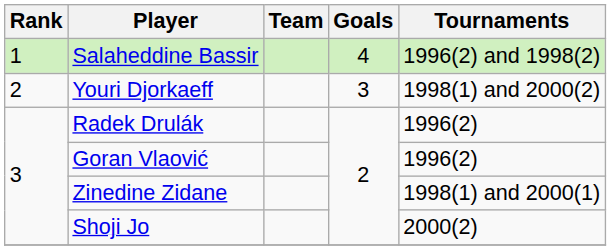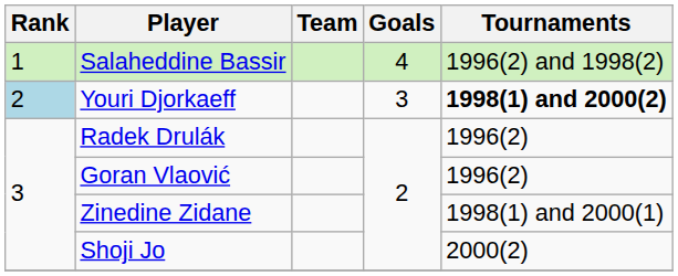 <table class="wikitable">
 <tr>
 <th>Rank</th>
 <th>Player</th>
 <th>Team</th>
 <th>Goals</th>
 <th>Tournaments</th>
 </tr>
 <tr bgcolor="D0F0C0">
 <td>1</td>
 <td><a href='#'>Salaheddine Bassir</a></td>
 <td></td>
 <td align="center">4</td>
 <td>1996(2) and 1998(2)</td>
 </tr>
 <tr>
-<td>2</td>
+<td style="background: lightblue;">2</td>
 <td><a href='#'>Youri Djorkaeff</a></td>
 <td></td>
 <td align="center">3</td>
-<td>1998(1) and 2000(2)</td>
+<td><strong>1998(1) and 2000(2)</strong></td>
 </tr>
 <tr>
 <td rowspan=4>3</td>
 <td><a href='#'>Radek Drulák</a></td>
 <td></td>
 <td rowspan=4 align="center">2</td>
 <td>1996(2)</td>
 </tr>
 <tr>
 <td><a href='#'>Goran Vlaović</a></td>
 <td></td>
 <td>1996(2)</td>
 </tr>
 <tr>
 <td><a href='#'>Zinedine Zidane</a></td>
 <td></td>
 <td>1998(1) and 2000(1)</td>
 </tr>
 <tr>
 <td><a href='#'>Shoji Jo</a></td>
 <td></td>
 <td>2000(2)</td>
 </tr>
 <tr>
 </tr>
 </table>
